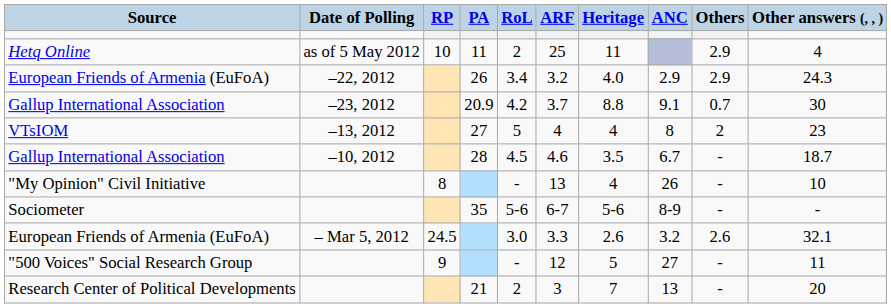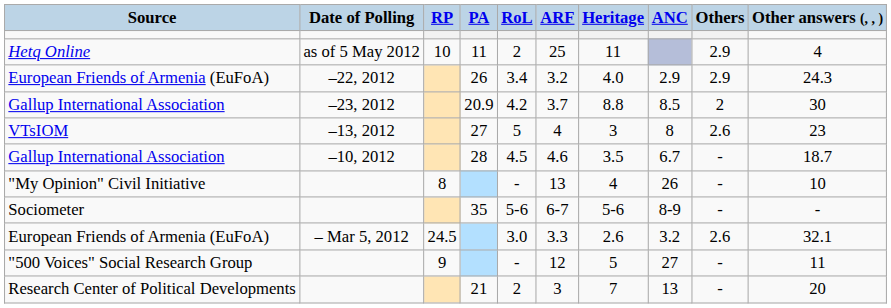 <table class="wikitable sortable">
 <tr>
 <th style=background:#BCD4E6;>Source</th>
 <th style=background:#BCD4E6;>Date of Polling</th>
 <th style=background:#BCD4E6;><a href='#'>RP</a></th>
 <th style=background:#BCD4E6;><a href='#'>PA</a></th>
 <th style=background:#BCD4E6;><a href='#'>RoL</a></th>
 <th style=background:#BCD4E6;><a href='#'>ARF</a></th>
 <th style=background:#BCD4E6;><a href='#'>Heritage</a></th>
 <th style=background:#BCD4E6;><a href='#'>ANC</a></th>
 <th style=background:#BCD4E6;>Others</th>
 <th style="background:#BCD4E6;text-align:center;">Other answers <small>(, , )</small></th>
 </tr>
 <tr>
 <td></td>
 <td></td>
 <th style="background:"></th>
 <th style="background:"></th>
 <th style="background:"></th>
 <th style="background:"></th>
 <th style="background:"></th>
 <th style="background:"></th>
 <th></th>
 </tr>
 <tr>
 <td><em><a href='#'>Hetq Online</a></em></td>
 <td style="text-align:center;">as of 5 May 2012</td>
 <td style="text-align:center;">10</td>
 <td style="text-align:center;">11</td>
 <td style="text-align:center;">2</td>
 <td style="text-align:center;">25</td>
 <td style="text-align:center;">11</td>
 <td style="background:#B5BED9"></td>
 <td style="text-align:center;">2.9</td>
 <td style="text-align:center;">4</td>
 </tr>
 <tr>
 <td><a href='#'>European Friends of Armenia</a> (EuFoA) </td>
 <td style="text-align:center;">–22, 2012</td>
 <td style="background:#FFE5B4"></td>
 <td style="text-align:center;">26</td>
 <td style="text-align:center;">3.4</td>
 <td style="text-align:center;">3.2</td>
 <td style="text-align:center;">4.0</td>
 <td style="text-align:center;">2.9</td>
 <td style="text-align:center;">2.9</td>
 <td style="text-align:center;">24.3</td>
 </tr>
 <tr>
 <td><a href='#'>Gallup International Association</a></td>
 <td style="text-align:center;">–23, 2012</td>
 <td style="background:#FFE5B4"></td>
 <td style="text-align:center;">20.9</td>
 <td style="text-align:center;">4.2</td>
 <td style="text-align:center;">3.7</td>
 <td style="text-align:center;">8.8</td>
-<td style="text-align:center;">9.1</td>
-<td style="text-align:center;">0.7</td>
+<td style="text-align:center;">8.5</td>
+<td style="text-align:center;">2</td>
 <td style="text-align:center;">30</td>
 </tr>
 <tr>
 <td><a href='#'>VTsIOM</a></td>
 <td style="text-align:center;">–13, 2012</td>
 <td style="background:#FFE5B4"></td>
 <td style="text-align:center;">27</td>
 <td style="text-align:center;">5</td>
 <td style="text-align:center;">4</td>
-<td style="text-align:center;">4</td>
+<td style="text-align:center;">3</td>
 <td style="text-align:center;">8</td>
-<td style="text-align:center;">2</td>
+<td style="text-align:center;">2.6</td>
 <td style="text-align:center;">23</td>
 </tr>
 <tr>
 <td><a href='#'>Gallup International Association</a></td>
 <td style="text-align:center;">–10, 2012</td>
 <td style="background:#FFE5B4"></td>
 <td style="text-align:center;">28</td>
 <td style="text-align:center;">4.5</td>
 <td style="text-align:center;">4.6</td>
 <td style="text-align:center;">3.5</td>
 <td style="text-align:center;">6.7</td>
 <td style="text-align:center;">-</td>
 <td style="text-align:center;">18.7</td>
 </tr>
 <tr>
 <td>"My Opinion" Civil Initiative</td>
 <td style="text-align:center;"></td>
 <td style="text-align:center;">8</td>
 <td style="background:#B3E0FF"></td>
 <td style="text-align:center;">-</td>
 <td style="text-align:center;">13</td>
 <td style="text-align:center;">4</td>
 <td style="text-align:center;">26</td>
 <td style="text-align:center;">-</td>
 <td style="text-align:center;">10</td>
 </tr>
 <tr>
 <td>Sociometer</td>
 <td style="text-align:center;"></td>
 <td style="background:#FFE5B4"></td>
 <td style="text-align:center;">35</td>
 <td style="text-align:center;">5-6</td>
 <td style="text-align:center;">6-7</td>
 <td style="text-align:center;">5-6</td>
 <td style="text-align:center;">8-9</td>
 <td style="text-align:center;">-</td>
 <td style="text-align:center;">-</td>
 </tr>
 <tr>
 <td>European Friends of Armenia (EuFoA) </td>
 <td style="text-align:center;"> – Mar 5, 2012</td>
 <td style="text-align:center;">24.5</td>
 <td style="background:#B3E0FF"></td>
 <td style="text-align:center;">3.0</td>
 <td style="text-align:center;">3.3</td>
 <td style="text-align:center;">2.6</td>
 <td style="text-align:center;">3.2</td>
 <td style="text-align:center;">2.6</td>
 <td style="text-align:center;">32.1</td>
 </tr>
 <tr>
 <td>"500 Voices" Social Research Group</td>
 <td style="text-align:center;"></td>
 <td style="text-align:center;">9</td>
 <td style="background:#B3E0FF"></td>
 <td style="text-align:center;">-</td>
 <td style="text-align:center;">12</td>
 <td style="text-align:center;">5</td>
 <td style="text-align:center;">27</td>
 <td style="text-align:center;">-</td>
 <td style="text-align:center;">11</td>
 </tr>
 <tr>
 <td>Research Center of Political Developments</td>
 <td style="text-align:center;"></td>
 <td style="background:#FFE5B4"></td>
 <td style="text-align:center;">21</td>
 <td style="text-align:center;">2</td>
 <td style="text-align:center;">3</td>
 <td style="text-align:center;">7</td>
 <td style="text-align:center;">13</td>
 <td style="text-align:center;">-</td>
 <td style="text-align:center;">20</td>
 </tr>
 </table>
